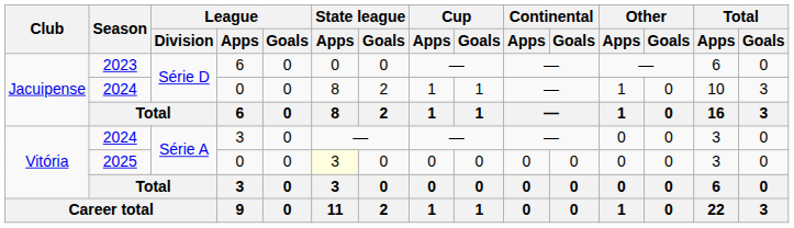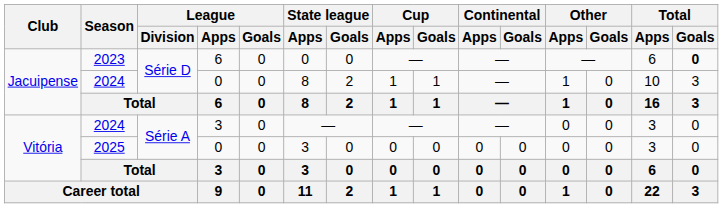 <table class="wikitable" style="text-align: center;">
 <tr>
 <th rowspan="2">Club</th>
 <th rowspan="2">Season</th>
 <th colspan="3">League</th>
 <th colspan="2">State league</th>
 <th colspan="2">Cup</th>
 <th colspan="2">Continental</th>
 <th colspan="2">Other</th>
 <th colspan="2">Total</th>
 </tr>
 <tr>
 <th>Division</th>
 <th>Apps</th>
 <th>Goals</th>
 <th>Apps</th>
 <th>Goals</th>
 <th>Apps</th>
 <th>Goals</th>
 <th>Apps</th>
 <th>Goals</th>
 <th>Apps</th>
 <th>Goals</th>
 <th>Apps</th>
 <th>Goals</th>
 </tr>
 <tr>
 <td rowspan="3" valign="center"><a href='#'>Jacuipense</a></td>
 <td><a href='#'>2023</a></td>
 <td rowspan="2"><a href='#'>Série D</a></td>
 <td>6</td>
 <td>0</td>
 <td>0</td>
 <td>0</td>
 <td colspan="2">—</td>
 <td colspan="2">—</td>
 <td colspan="2">—</td>
 <td>6</td>
-<td>0</td>
+<td><strong>0</strong></td>
 </tr>
 <tr>
 <td><a href='#'>2024</a></td>
 <td>0</td>
 <td>0</td>
 <td>8</td>
 <td>2</td>
 <td>1</td>
 <td>1</td>
 <td colspan="2">—</td>
 <td>1</td>
 <td>0</td>
 <td>10</td>
 <td>3</td>
 </tr>
 <tr>
 <th colspan="2">Total</th>
 <th>6</th>
 <th>0</th>
 <th>8</th>
 <th>2</th>
 <th>1</th>
 <th>1</th>
 <th colspan="2">—</th>
 <th>1</th>
 <th>0</th>
 <th>16</th>
 <th>3</th>
 </tr>
 <tr>
 <td rowspan="3" valign="center"><a href='#'>Vitória</a></td>
 <td><a href='#'>2024</a></td>
 <td rowspan="2"><a href='#'>Série A</a></td>
 <td>3</td>
 <td>0</td>
 <td colspan="2">—</td>
 <td colspan="2">—</td>
 <td colspan="2">—</td>
 <td>0</td>
 <td>0</td>
 <td>3</td>
 <td>0</td>
 </tr>
 <tr>
 <td><a href='#'>2025</a></td>
 <td>0</td>
 <td>0</td>
-<td style="background: lightyellow;">3</td>
+<td>3</td>
 <td>0</td>
 <td>0</td>
 <td>0</td>
 <td>0</td>
 <td>0</td>
 <td>0</td>
 <td>0</td>
 <td>3</td>
 <td>0</td>
 </tr>
 <tr>
 <th colspan="2">Total</th>
 <th>3</th>
 <th>0</th>
 <th>3</th>
 <th>0</th>
 <th>0</th>
 <th>0</th>
 <th>0</th>
 <th>0</th>
 <th>0</th>
 <th>0</th>
 <th>6</th>
 <th>0</th>
 </tr>
 <tr>
 <th colspan="3"><strong>Career total</strong></th>
 <th>9</th>
 <th>0</th>
 <th>11</th>
 <th>2</th>
 <th>1</th>
 <th>1</th>
 <th>0</th>
 <th>0</th>
 <th>1</th>
 <th>0</th>
 <th>22</th>
 <th>3</th>
 </tr>
 </table>
